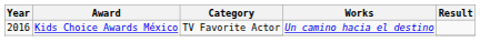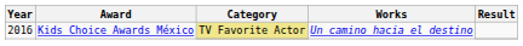 <table class="wikitable plainrowheaders">
 <tr>
 <th scope="col">Year</th>
 <th scope="col">Award</th>
 <th scope="col">Category</th>
 <th scope="col">Works</th>
 <th scope="col">Result</th>
 </tr>
 <tr>
 <td rowspan="2">2016</td>
 <td rowspan="2"><a href='#'>Kids Choice Awards México</a></td>
-<td>TV Favorite Actor</td>
+<td style="background: khaki;">TV Favorite Actor</td>
 <td rowspan="2"><em><a href='#'>Un camino hacia el destino</a></em></td>
 <td></td>
 </tr>
 <tr>
 </tr>
 </table>
